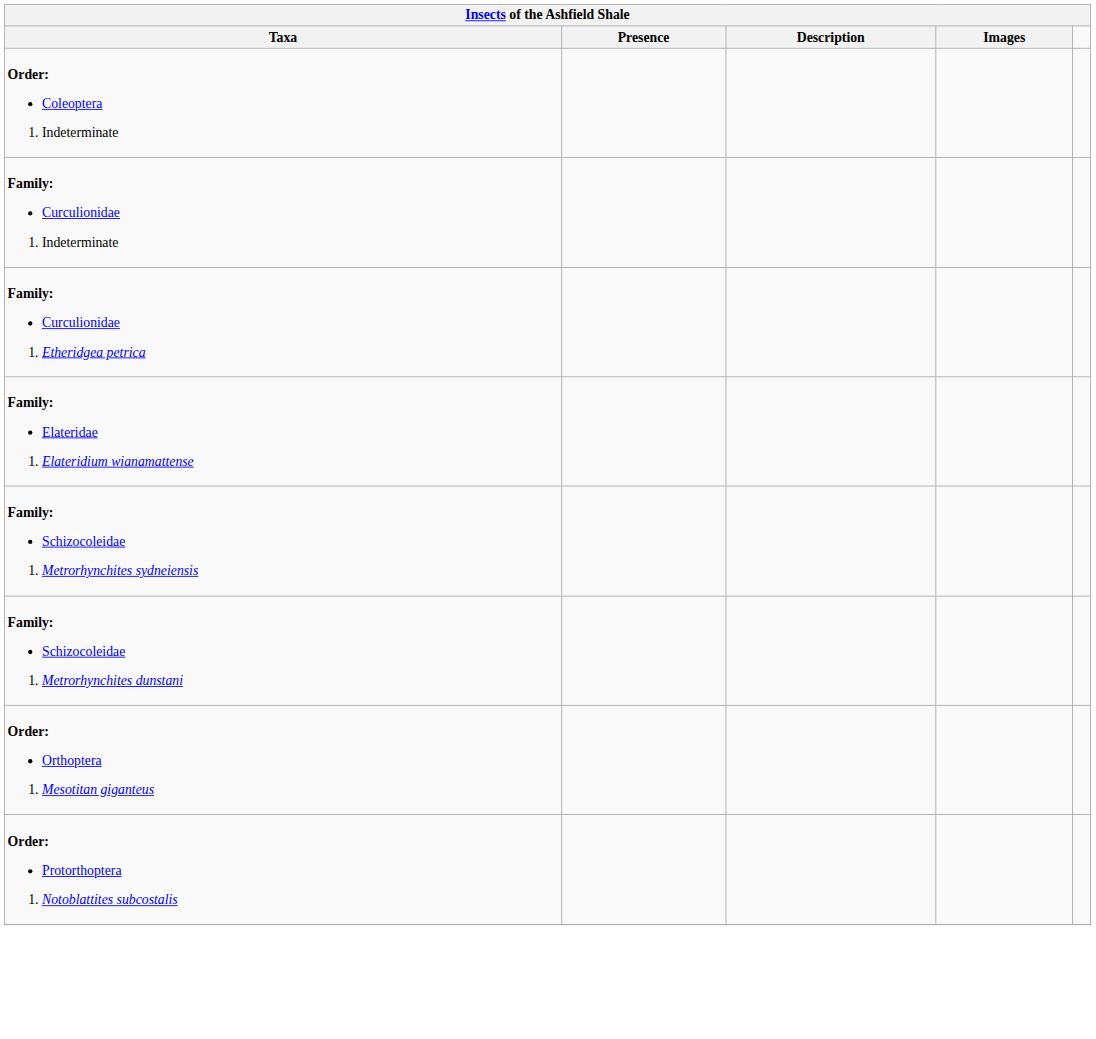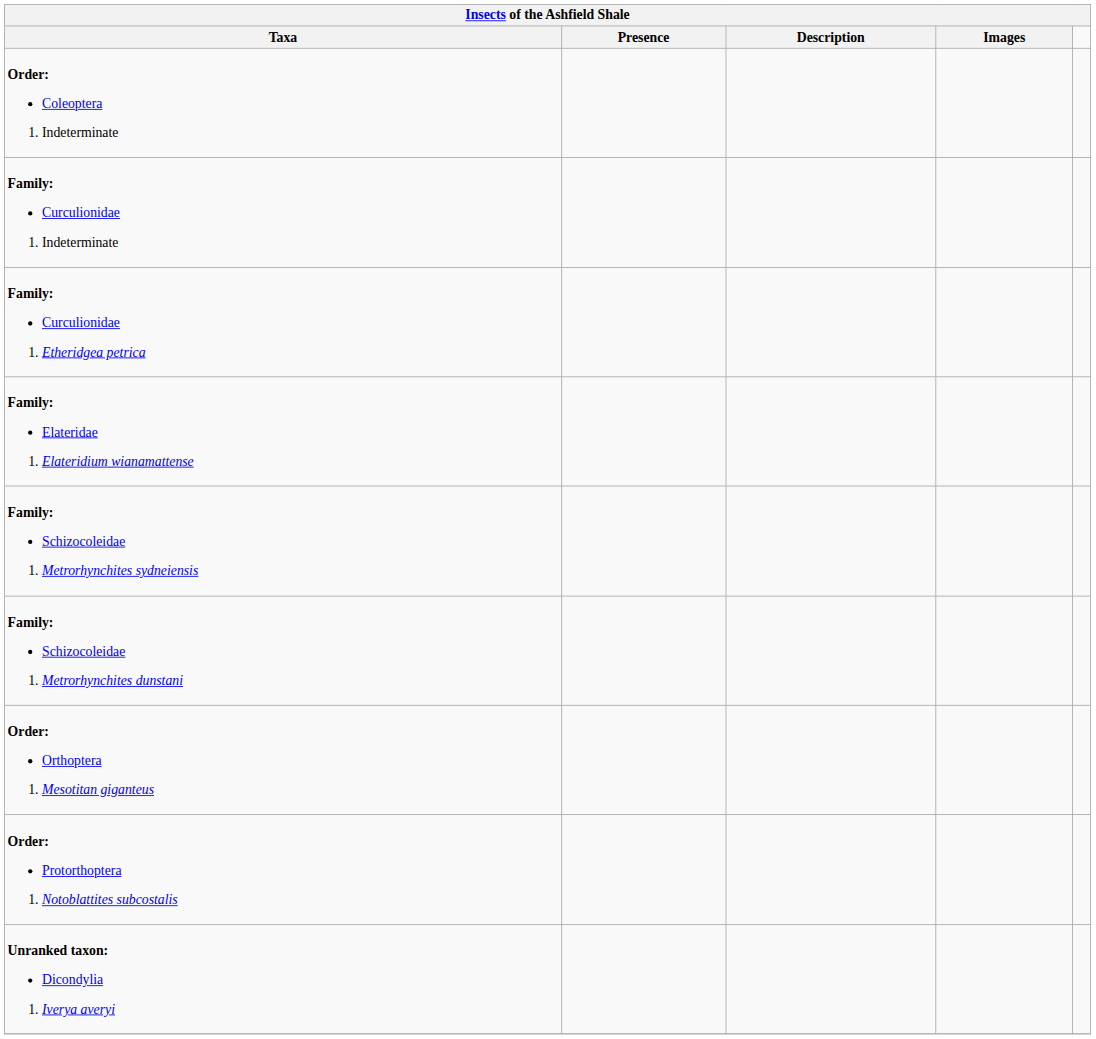 <table class="wikitable" align="center" width="100%">
 <tr>
 <th colspan="5" align="center"><strong><a href='#'>Insects</a> of the Ashfield Shale</strong></th>
 </tr>
 <tr>
 <th>Taxa</th>
 <th>Presence</th>
 <th>Description</th>
 <th>Images</th>
 </tr>
 <tr>
 <td><br><strong>Order:</strong><ul><li><a href='#'>Coleoptera</a></li></ul><ol><li>Indeterminate</li></ol></td>
 <td></td>
 <td></td>
 <td></td>
 <td></td>
 </tr>
 <tr>
 <td><br><strong>Family:</strong><ul><li><a href='#'>Curculionidae</a></li></ul><ol><li>Indeterminate</li></ol></td>
 <td></td>
 <td></td>
 <td></td>
 <td></td>
 </tr>
 <tr>
 <td><br><strong>Family:</strong><ul><li><a href='#'>Curculionidae</a></li></ul><ol><li><em><a href='#'>Etheridgea petrica</a></em></li></ol></td>
 <td></td>
 <td></td>
 <td></td>
 <td></td>
 </tr>
 <tr>
 <td><br><strong>Family:</strong><ul><li><a href='#'>Elateridae</a></li></ul><ol><li><em><a href='#'>Elateridium wianamattense</a></em></li></ol></td>
 <td></td>
 <td></td>
 <td></td>
 <td></td>
 </tr>
 <tr>
 <td><br><strong>Family:</strong><ul><li><a href='#'>Schizocoleidae</a></li></ul><ol><li><em><a href='#'>Metrorhynchites sydneiensis</a></em></li></ol></td>
 <td></td>
 <td></td>
 <td></td>
 <td></td>
 </tr>
 <tr>
 <td><br><strong>Family:</strong><ul><li><a href='#'>Schizocoleidae</a></li></ul><ol><li><em><a href='#'>Metrorhynchites dunstani</a></em></li></ol></td>
 <td></td>
 <td></td>
 <td></td>
 <td></td>
 </tr>
 <tr>
 <td><br><strong>Order:</strong><ul><li><a href='#'>Orthoptera</a></li></ul><ol><li><em><a href='#'>Mesotitan giganteus</a></em></li></ol></td>
 <td></td>
 <td></td>
 <td></td>
 <td></td>
 </tr>
 <tr>
 <td><br><strong>Order:</strong><ul><li><a href='#'>Protorthoptera</a></li></ul><ol><li><em><a href='#'>Notoblattites subcostalis</a></em></li></ol></td>
 <td></td>
 <td></td>
 <td></td>
 <td></td>
 </tr>
 <tr>
+<td><br><strong>Unranked taxon:</strong><ul><li><a href='#'>Dicondylia</a></li></ul><ol><li><em><a href='#'>Iverya averyi</a></em></li></ol></td>
+<td></td>
+<td></td>
+<td></td>
+<td></td>
+</tr>
+<tr>
 </tr>
 </table>
